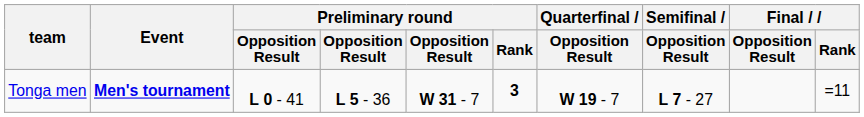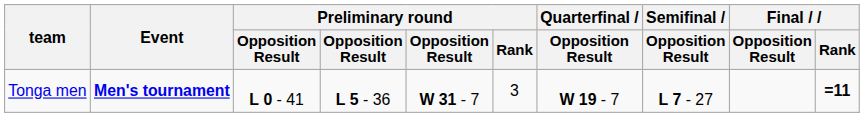 <table class=wikitable style=font-size:90%;text-align:center>
 <tr>
 <th rowspan=2>team</th>
 <th rowspan=2>Event</th>
 <th colspan=4>Preliminary round</th>
 <th>Quarterfinal / </th>
 <th>Semifinal / </th>
 <th colspan=2>Final /  / </th>
 </tr>
 <tr style=font-size:95%>
 <th>Opposition<br>Result</th>
 <th>Opposition<br>Result</th>
 <th>Opposition<br>Result</th>
 <th>Rank</th>
 <th>Opposition<br>Result</th>
 <th>Opposition<br>Result</th>
 <th>Opposition<br>Result</th>
 <th>Rank</th>
 </tr>
 <tr>
 <td align=left><a href='#'>Tonga men</a></td>
 <td align=left><strong><a href='#'>Men's tournament</a></strong></td>
 <td><br><strong>L</strong> <strong>0</strong> - 41</td>
 <td><br><strong>L</strong> <strong>5</strong> - 36</td>
 <td><br><strong>W</strong> <strong>31</strong> - 7</td>
-<td><strong>3</strong></td>
+<td>3</td>
 <td><br><strong>W</strong> <strong>19</strong> - 7</td>
 <td><br><strong>L</strong> <strong>7</strong> - 27</td>
 <td></td>
-<td>=11</td>
+<td><strong>=11</strong></td>
 </tr>
 </table>
